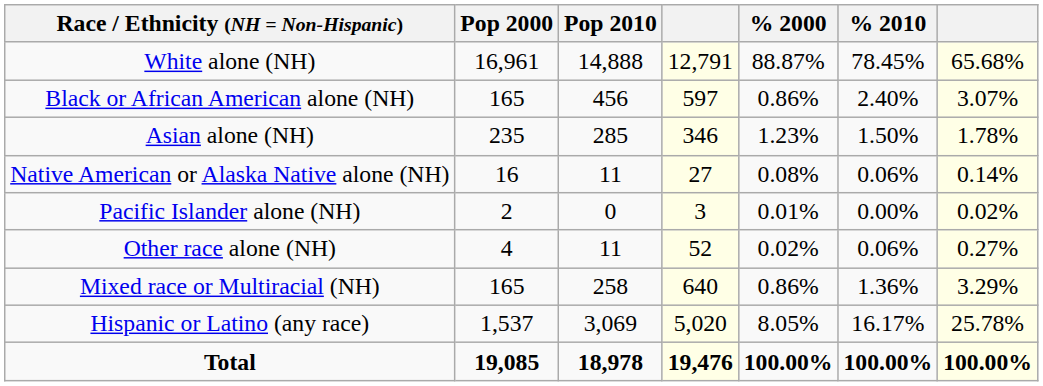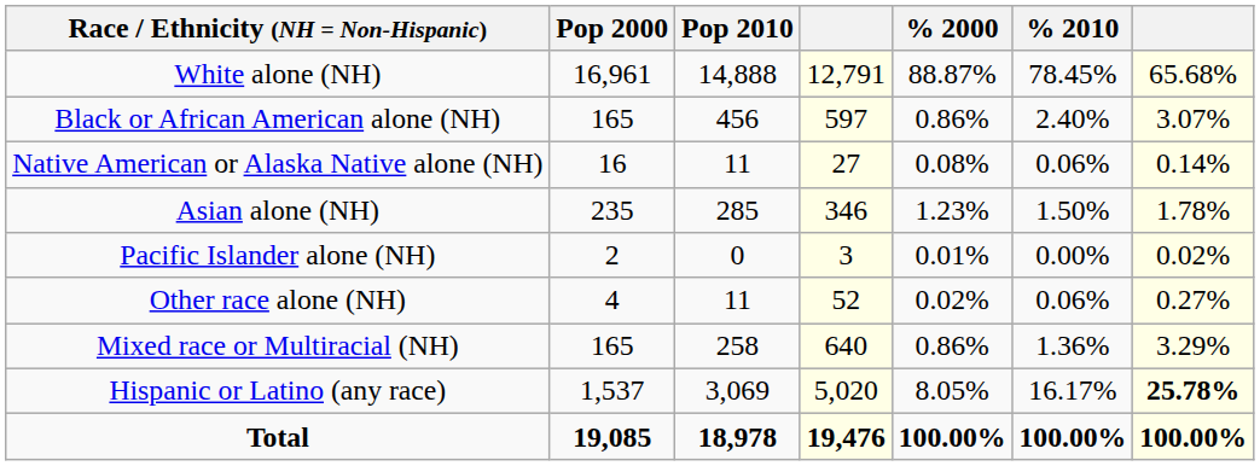 <table class="wikitable" style="text-align:center;">
 <tr>
 <th>Race / Ethnicity <small>(<em>NH = Non-Hispanic</em>)</small></th>
 <th>Pop 2000</th>
 <th>Pop 2010</th>
 <th></th>
 <th>% 2000</th>
 <th>% 2010</th>
 <th></th>
 </tr>
 <tr>
 <td><a href='#'>White</a> alone (NH)</td>
 <td>16,961</td>
 <td>14,888</td>
 <td style='background: #ffffe6;'>12,791</td>
 <td>88.87%</td>
 <td>78.45%</td>
 <td style='background: #ffffe6;'>65.68%</td>
 </tr>
 <tr>
 <td><a href='#'>Black or African American</a> alone (NH)</td>
 <td>165</td>
 <td>456</td>
 <td style='background: #ffffe6;'>597</td>
 <td>0.86%</td>
 <td>2.40%</td>
 <td style='background: #ffffe6;'>3.07%</td>
 </tr>
 <tr>
+<td><a href='#'>Native American</a> or <a href='#'>Alaska Native</a> alone (NH)</td>
+<td>16</td>
+<td>11</td>
+<td style='background: #ffffe6;'>27</td>
+<td>0.08%</td>
+<td>0.06%</td>
+<td style='background: #ffffe6;'>0.14%</td>
+</tr>
+<tr>
 <td><a href='#'>Asian</a> alone (NH)</td>
 <td>235</td>
 <td>285</td>
 <td style='background: #ffffe6;'>346</td>
 <td>1.23%</td>
 <td>1.50%</td>
 <td style='background: #ffffe6;'>1.78%</td>
-</tr>
-<tr>
-<td><a href='#'>Native American</a> or <a href='#'>Alaska Native</a> alone (NH)</td>
-<td>16</td>
-<td>11</td>
-<td style='background: #ffffe6;'>27</td>
-<td>0.08%</td>
-<td>0.06%</td>
-<td style='background: #ffffe6;'>0.14%</td>
 </tr>
 <tr>
 <td><a href='#'>Pacific Islander</a> alone (NH)</td>
 <td>2</td>
 <td>0</td>
 <td style='background: #ffffe6;'>3</td>
 <td>0.01%</td>
 <td>0.00%</td>
 <td style='background: #ffffe6;'>0.02%</td>
 </tr>
 <tr>
 <td><a href='#'>Other race</a> alone (NH)</td>
 <td>4</td>
 <td>11</td>
 <td style='background: #ffffe6;'>52</td>
 <td>0.02%</td>
 <td>0.06%</td>
 <td style='background: #ffffe6;'>0.27%</td>
 </tr>
 <tr>
 <td><a href='#'>Mixed race or Multiracial</a> (NH)</td>
 <td>165</td>
 <td>258</td>
 <td style='background: #ffffe6;'>640</td>
 <td>0.86%</td>
 <td>1.36%</td>
 <td style='background: #ffffe6;'>3.29%</td>
 </tr>
 <tr>
 <td><a href='#'>Hispanic or Latino</a> (any race)</td>
 <td>1,537</td>
 <td>3,069</td>
 <td style='background: #ffffe6;'>5,020</td>
 <td>8.05%</td>
 <td>16.17%</td>
-<td style='background: #ffffe6;'>25.78%</td>
+<td style='background: #ffffe6;'><strong>25.78%</strong></td>
 </tr>
 <tr>
 <td><strong>Total</strong></td>
 <td><strong>19,085</strong></td>
 <td><strong>18,978</strong></td>
 <td style='background: #ffffe6;'><strong>19,476</strong></td>
 <td><strong>100.00%</strong></td>
 <td><strong>100.00%</strong></td>
 <td style='background: #ffffe6;'><strong>100.00%</strong></td>
 </tr>
 </table>
